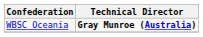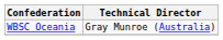 <table class="wikitable">
 <tr>
 <th>Confederation</th>
 <th>Technical Director</th>
 </tr>
 <tr>
 <td rowspan="1"><a href='#'>WBSC Oceania</a></td>
-<td><strong>Gray Munroe (<a href='#'>Australia</a>)</strong></td>
+<td>Gray Munroe (<a href='#'>Australia</a>)</td>
 </tr>
 <tr>
 </tr>
 </table>
